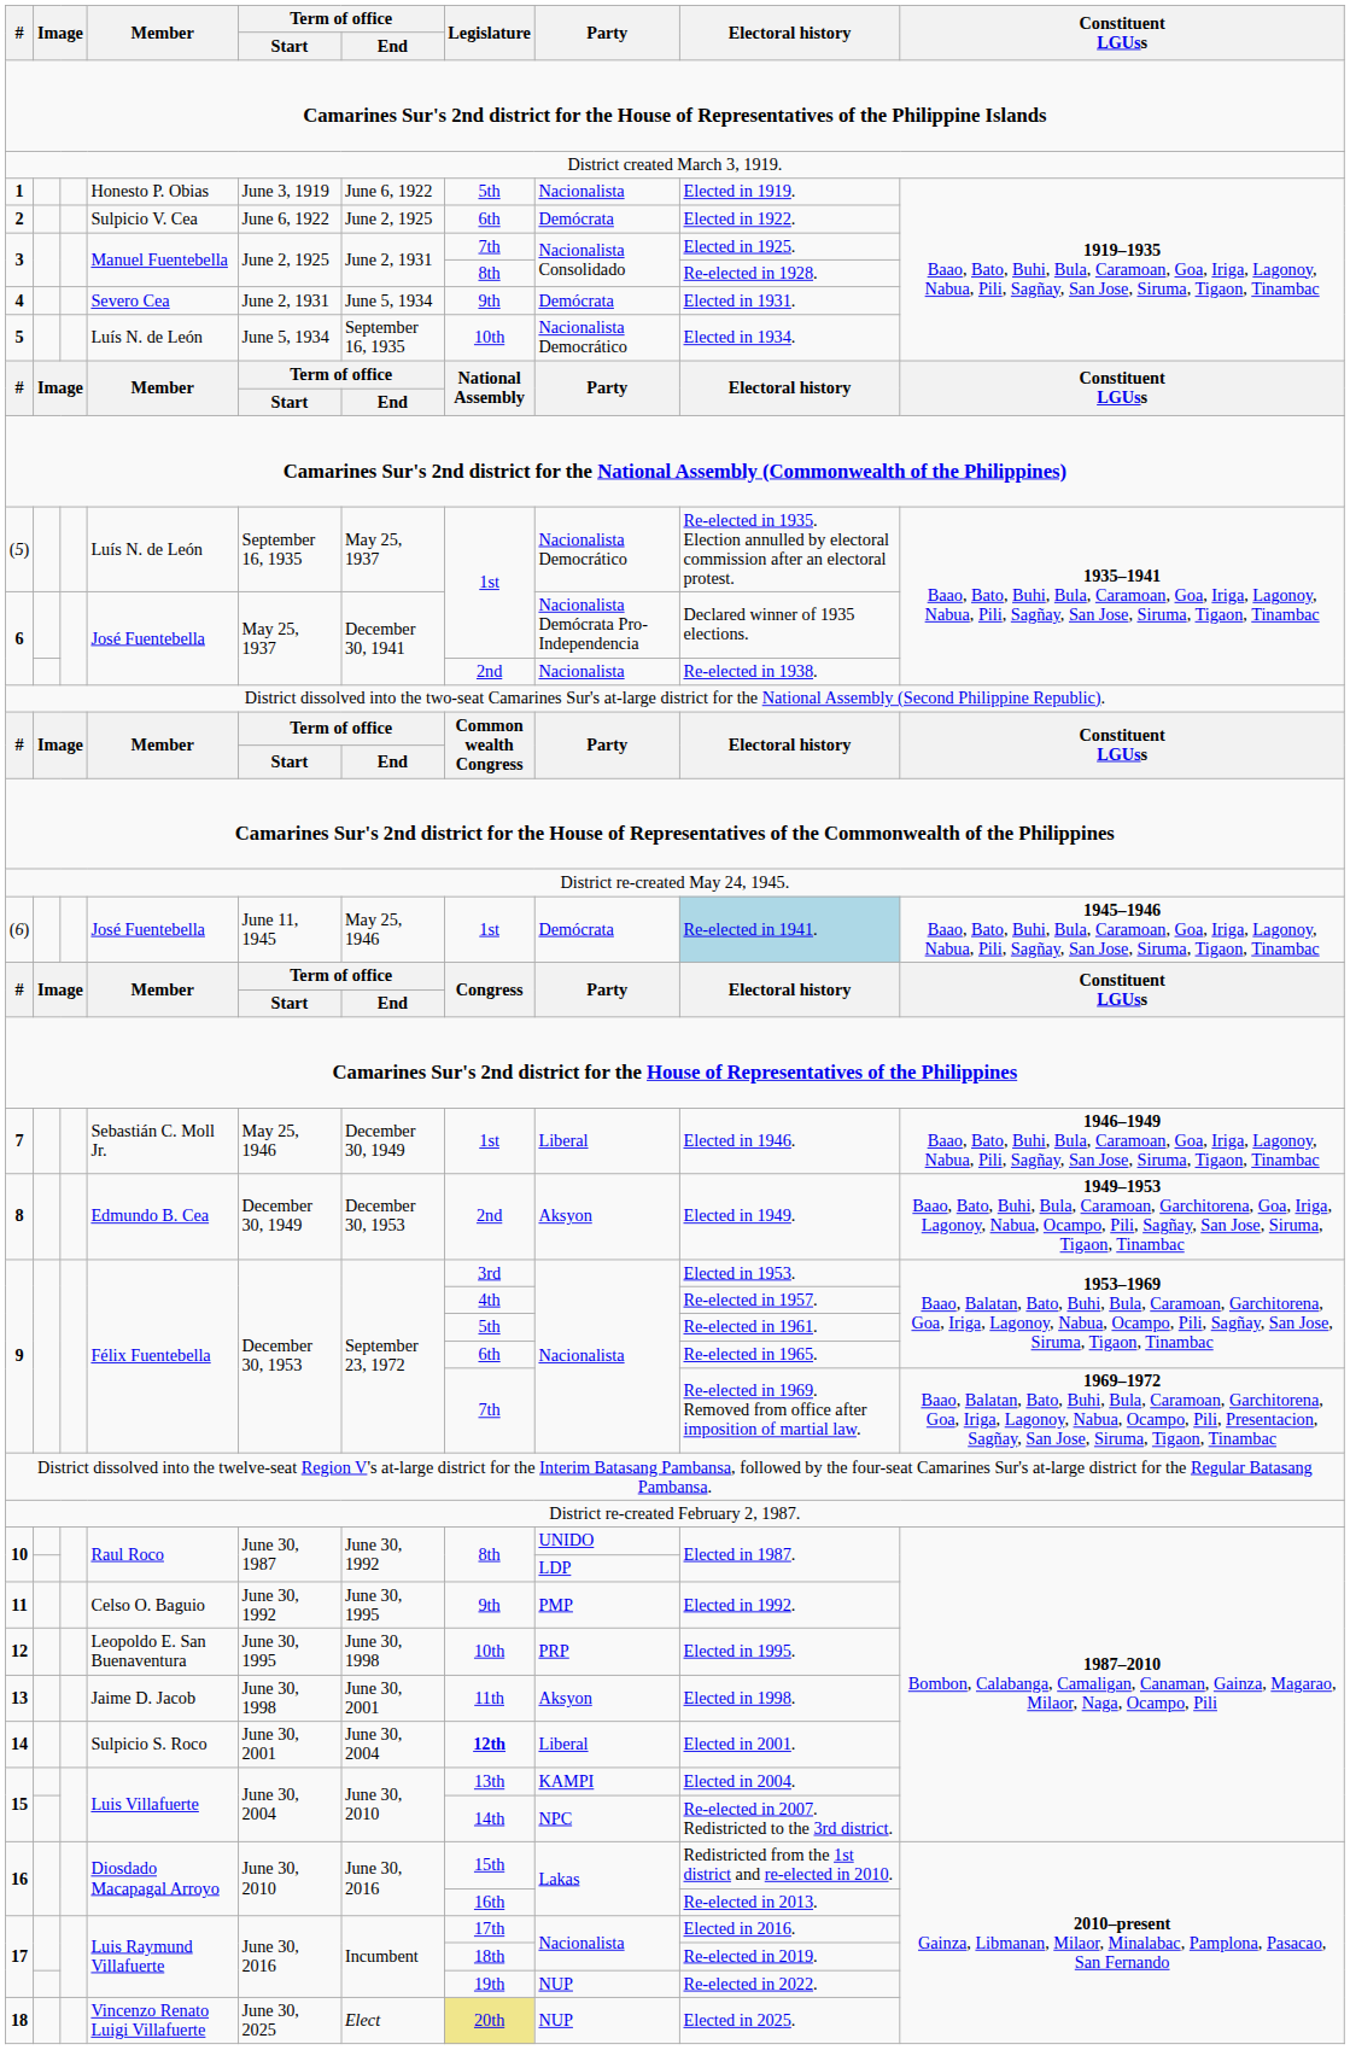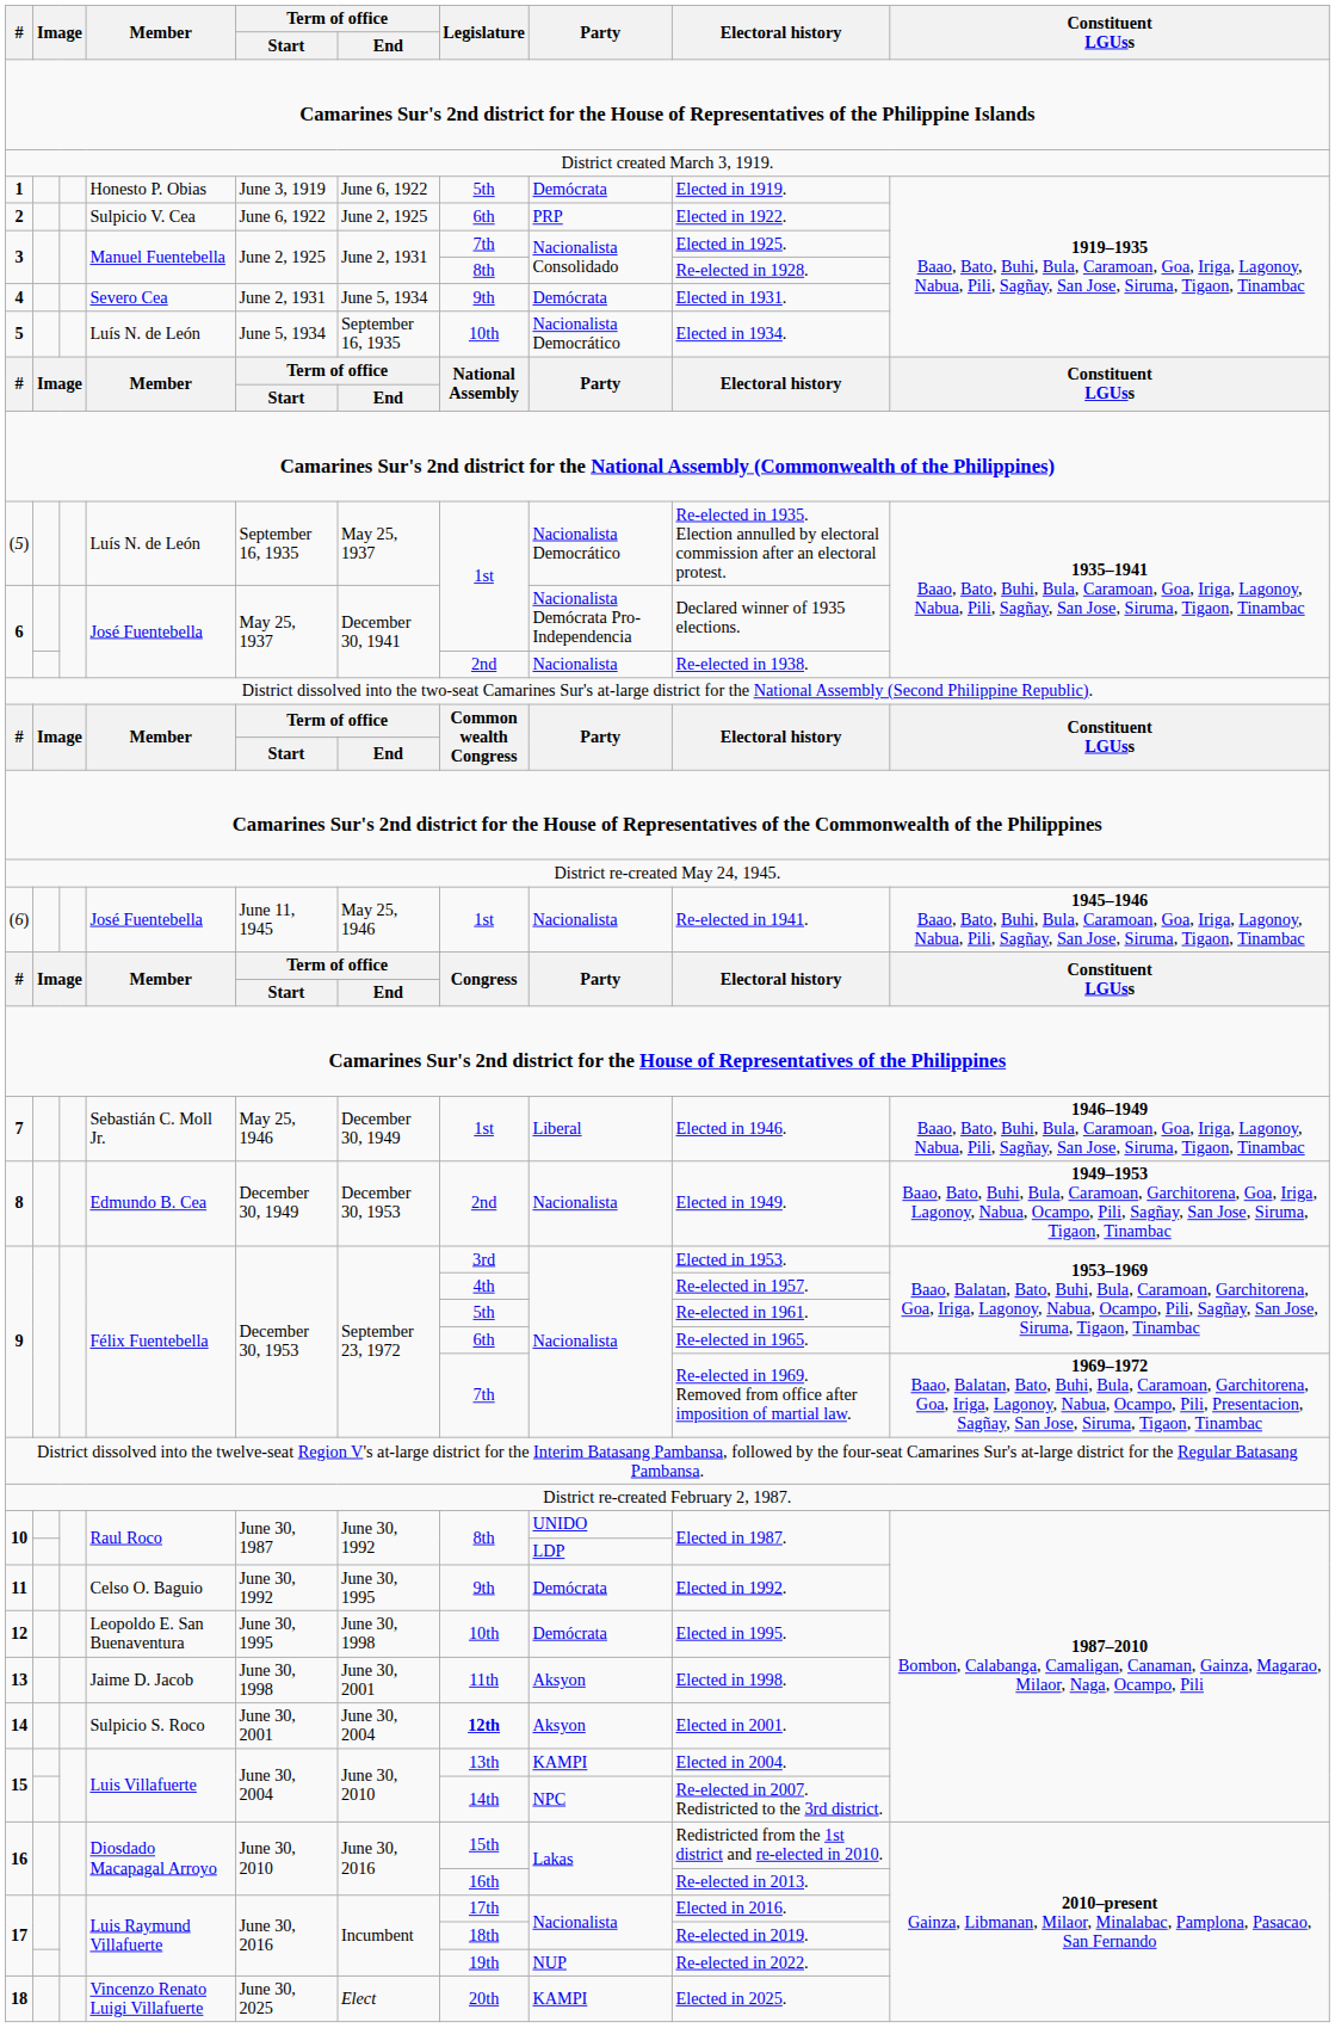 <table class=wikitable>
 <tr>
 <th rowspan="2">#</th>
 <th rowspan="2" colspan=2>Image</th>
 <th rowspan="2">Member</th>
 <th colspan=2>Term of office</th>
 <th rowspan="2">Legislature</th>
 <th rowspan="2">Party</th>
 <th rowspan="2">Electoral history</th>
 <th rowspan="2">Constituent<br><a href='#'>LGUs</a>s</th>
 </tr>
 <tr>
 <th>Start</th>
 <th>End</th>
 </tr>
 <tr>
 <td colspan="10" style="text-align:center;"><br><h3>Camarines Sur's 2nd district for the House of Representatives of the Philippine Islands</h3></td>
 </tr>
 <tr>
 <td colspan="10" style="text-align:center;">District created March 3, 1919.</td>
 </tr>
 <tr>
 <td style="text-align:center;"><strong>1</strong></td>
 <td style="color:inherit;background:"></td>
 <td></td>
 <td>Honesto P. Obias</td>
 <td>June 3, 1919</td>
 <td>June 6, 1922</td>
 <td style="text-align:center;"><a href='#'>5th</a></td>
-<td><a href='#'>Nacionalista</a></td>
+<td><a href='#'>Demócrata</a></td>
 <td><a href='#'>Elected in 1919</a>.</td>
 <td rowspan="6" style="text-align:center;"><strong>1919–1935</strong><br><a href='#'>Baao</a>, <a href='#'>Bato</a>, <a href='#'>Buhi</a>, <a href='#'>Bula</a>, <a href='#'>Caramoan</a>, <a href='#'>Goa</a>, <a href='#'>Iriga</a>, <a href='#'>Lagonoy</a>, <a href='#'>Nabua</a>, <a href='#'>Pili</a>, <a href='#'>Sagñay</a>, <a href='#'>San Jose</a>, <a href='#'>Siruma</a>, <a href='#'>Tigaon</a>, <a href='#'>Tinambac</a></td>
 </tr>
 <tr>
 <td style="text-align:center;"><strong>2</strong></td>
 <td style="color:inherit;background:"></td>
 <td></td>
 <td>Sulpicio V. Cea</td>
 <td>June 6, 1922</td>
 <td>June 2, 1925</td>
 <td style="text-align:center;"><a href='#'>6th</a></td>
-<td><a href='#'>Demócrata</a></td>
+<td><a href='#'>PRP</a></td>
 <td><a href='#'>Elected in 1922</a>.</td>
 </tr>
 <tr>
 <td rowspan="2" style="text-align:center;"><strong>3</strong></td>
 <td rowspan="2" style="color:inherit;background:"></td>
 <td rowspan="2"></td>
 <td rowspan="2"><a href='#'>Manuel Fuentebella</a></td>
 <td rowspan="2">June 2, 1925</td>
 <td rowspan="2">June 2, 1931</td>
 <td style="text-align:center;"><a href='#'>7th</a></td>
 <td rowspan="2"><a href='#'>Nacionalista</a><br>Consolidado</td>
 <td><a href='#'>Elected in 1925</a>.</td>
 </tr>
 <tr>
 <td style="text-align:center;"><a href='#'>8th</a></td>
 <td><a href='#'>Re-elected in 1928</a>.</td>
 </tr>
 <tr>
 <td style="text-align:center;"><strong>4</strong></td>
 <td style="color:inherit;background:"></td>
 <td></td>
 <td><a href='#'>Severo Cea</a></td>
 <td>June 2, 1931</td>
 <td>June 5, 1934</td>
 <td style="text-align:center;"><a href='#'>9th</a></td>
 <td><a href='#'>Demócrata</a></td>
 <td><a href='#'>Elected in 1931</a>.</td>
 </tr>
 <tr>
 <td style="text-align:center;"><strong>5</strong></td>
 <td style="color:inherit;background:"></td>
 <td></td>
 <td>Luís N. de León</td>
 <td>June 5, 1934</td>
 <td>September 16, 1935</td>
 <td style="text-align:center;"><a href='#'>10th</a></td>
 <td><a href='#'>Nacionalista</a><br>Democrático</td>
 <td><a href='#'>Elected in 1934</a>.</td>
 </tr>
 <tr>
 <th rowspan="2">#</th>
 <th rowspan="2" colspan=2>Image</th>
 <th rowspan="2">Member</th>
 <th colspan=2>Term of office</th>
 <th rowspan="2">National<br>Assembly</th>
 <th rowspan="2">Party</th>
 <th rowspan="2">Electoral history</th>
 <th rowspan="2">Constituent<br><a href='#'>LGUs</a>s</th>
 </tr>
 <tr>
 <th>Start</th>
 <th>End</th>
 </tr>
 <tr>
 <td colspan="10" style="text-align:center;"><br><h3>Camarines Sur's 2nd district for the <a href='#'>National Assembly (Commonwealth of the Philippines)</a></h3></td>
 </tr>
 <tr>
 <td style="text-align:center;">(<em>5</em>)</td>
 <td style="color:inherit;background:"></td>
 <td></td>
 <td>Luís N. de León</td>
 <td>September 16, 1935</td>
 <td>May 25, 1937</td>
 <td rowspan="2" style="text-align:center;"><a href='#'>1st</a></td>
 <td><a href='#'>Nacionalista</a><br>Democrático</td>
 <td><a href='#'>Re-elected in 1935</a>.<br>Election annulled by electoral commission after an electoral protest.</td>
 <td rowspan="3" style="text-align:center;"><strong>1935–1941</strong><br><a href='#'>Baao</a>, <a href='#'>Bato</a>, <a href='#'>Buhi</a>, <a href='#'>Bula</a>, <a href='#'>Caramoan</a>, <a href='#'>Goa</a>, <a href='#'>Iriga</a>, <a href='#'>Lagonoy</a>, <a href='#'>Nabua</a>, <a href='#'>Pili</a>, <a href='#'>Sagñay</a>, <a href='#'>San Jose</a>, <a href='#'>Siruma</a>, <a href='#'>Tigaon</a>, <a href='#'>Tinambac</a></td>
 </tr>
 <tr>
 <td rowspan="2" style="text-align:center;"><strong>6</strong></td>
 <td style="color:inherit;background:"></td>
 <td rowspan="2"></td>
 <td rowspan="2"><a href='#'>José Fuentebella</a></td>
 <td rowspan="2">May 25, 1937</td>
 <td rowspan="2">December 30, 1941</td>
 <td><a href='#'>Nacionalista</a><br>Demócrata Pro-Independencia</td>
 <td>Declared winner of 1935 elections.</td>
 </tr>
 <tr>
 <td style="color:inherit;background:"></td>
 <td style="text-align:center;"><a href='#'>2nd</a></td>
 <td><a href='#'>Nacionalista</a></td>
 <td><a href='#'>Re-elected in 1938</a>.</td>
 </tr>
 <tr>
 <td colspan="10" style="text-align:center;">District dissolved into the two-seat Camarines Sur's at-large district for the <a href='#'>National Assembly (Second Philippine Republic)</a>.</td>
 </tr>
 <tr>
 <th rowspan="2">#</th>
 <th rowspan="2" colspan=2>Image</th>
 <th rowspan="2">Member</th>
 <th colspan=2>Term of office</th>
 <th rowspan="2">Common<br>wealth<br>Congress</th>
 <th rowspan="2">Party</th>
 <th rowspan="2">Electoral history</th>
 <th rowspan="2">Constituent<br><a href='#'>LGUs</a>s</th>
 </tr>
 <tr>
 <th>Start</th>
 <th>End</th>
 </tr>
 <tr>
 <td colspan="10" style="text-align:center;"><br><h3>Camarines Sur's 2nd district for the House of Representatives of the Commonwealth of the Philippines</h3></td>
 </tr>
 <tr>
 <td colspan="10" style="text-align:center;">District re-created May 24, 1945.</td>
 </tr>
 <tr>
 <td style="text-align:center;">(<em>6</em>)</td>
 <td style="color:inherit;background:"></td>
 <td></td>
 <td><a href='#'>José Fuentebella</a></td>
 <td>June 11, 1945</td>
 <td>May 25, 1946</td>
 <td style="text-align:center;"><a href='#'>1st</a></td>
-<td><a href='#'>Demócrata</a></td>
-<td style="background: lightblue;"><a href='#'>Re-elected in 1941</a>.</td>
+<td><a href='#'>Nacionalista</a></td>
+<td><a href='#'>Re-elected in 1941</a>.</td>
 <td style="text-align:center;"><strong>1945–1946</strong><br><a href='#'>Baao</a>, <a href='#'>Bato</a>, <a href='#'>Buhi</a>, <a href='#'>Bula</a>, <a href='#'>Caramoan</a>, <a href='#'>Goa</a>, <a href='#'>Iriga</a>, <a href='#'>Lagonoy</a>, <a href='#'>Nabua</a>, <a href='#'>Pili</a>, <a href='#'>Sagñay</a>, <a href='#'>San Jose</a>, <a href='#'>Siruma</a>, <a href='#'>Tigaon</a>, <a href='#'>Tinambac</a></td>
 </tr>
 <tr>
 <th rowspan="2">#</th>
 <th rowspan="2" colspan=2>Image</th>
 <th rowspan="2">Member</th>
 <th colspan=2>Term of office</th>
 <th rowspan="2">Congress</th>
 <th rowspan="2">Party</th>
 <th rowspan="2">Electoral history</th>
 <th rowspan="2">Constituent<br><a href='#'>LGUs</a>s</th>
 </tr>
 <tr>
 <th>Start</th>
 <th>End</th>
 </tr>
 <tr>
 <td colspan="10" style="text-align:center;"><br><h3>Camarines Sur's 2nd district for the <a href='#'>House of Representatives of the Philippines</a></h3></td>
 </tr>
 <tr>
 <td style="text-align:center;"><strong>7</strong></td>
 <td style="color:inherit;background:"></td>
 <td></td>
 <td>Sebastián C. Moll Jr.</td>
 <td>May 25, 1946</td>
 <td>December 30, 1949</td>
 <td style="text-align:center;"><a href='#'>1st</a></td>
 <td><a href='#'>Liberal</a></td>
 <td><a href='#'>Elected in 1946</a>.</td>
 <td style="text-align:center;"><strong>1946–1949</strong><br><a href='#'>Baao</a>, <a href='#'>Bato</a>, <a href='#'>Buhi</a>, <a href='#'>Bula</a>, <a href='#'>Caramoan</a>, <a href='#'>Goa</a>, <a href='#'>Iriga</a>, <a href='#'>Lagonoy</a>, <a href='#'>Nabua</a>, <a href='#'>Pili</a>, <a href='#'>Sagñay</a>, <a href='#'>San Jose</a>, <a href='#'>Siruma</a>, <a href='#'>Tigaon</a>, <a href='#'>Tinambac</a></td>
 </tr>
 <tr>
 <td style="text-align:center;"><strong>8</strong></td>
 <td style="color:inherit;background:"></td>
 <td></td>
 <td><a href='#'>Edmundo B. Cea</a></td>
 <td>December 30, 1949</td>
 <td>December 30, 1953</td>
 <td style="text-align:center;"><a href='#'>2nd</a></td>
-<td><a href='#'>Aksyon</a></td>
+<td><a href='#'>Nacionalista</a></td>
 <td><a href='#'>Elected in 1949</a>.</td>
 <td style="text-align:center;"><strong>1949–1953</strong><br><a href='#'>Baao</a>, <a href='#'>Bato</a>, <a href='#'>Buhi</a>, <a href='#'>Bula</a>, <a href='#'>Caramoan</a>, <a href='#'>Garchitorena</a>, <a href='#'>Goa</a>, <a href='#'>Iriga</a>, <a href='#'>Lagonoy</a>, <a href='#'>Nabua</a>, <a href='#'>Ocampo</a>, <a href='#'>Pili</a>, <a href='#'>Sagñay</a>, <a href='#'>San Jose</a>, <a href='#'>Siruma</a>, <a href='#'>Tigaon</a>, <a href='#'>Tinambac</a></td>
 </tr>
 <tr>
 <td rowspan="5" style="text-align:center;"><strong>9</strong></td>
 <td rowspan="5" style="color:inherit;background:"></td>
 <td rowspan="5"></td>
 <td rowspan="5"><a href='#'>Félix Fuentebella</a></td>
 <td rowspan="5">December 30, 1953</td>
 <td rowspan="5">September 23, 1972</td>
 <td style="text-align:center;"><a href='#'>3rd</a></td>
 <td rowspan="5"><a href='#'>Nacionalista</a></td>
 <td><a href='#'>Elected in 1953</a>.</td>
 <td rowspan="4" style="text-align:center;"><strong>1953–1969</strong><br><a href='#'>Baao</a>, <a href='#'>Balatan</a>, <a href='#'>Bato</a>, <a href='#'>Buhi</a>, <a href='#'>Bula</a>, <a href='#'>Caramoan</a>, <a href='#'>Garchitorena</a>, <a href='#'>Goa</a>, <a href='#'>Iriga</a>, <a href='#'>Lagonoy</a>, <a href='#'>Nabua</a>, <a href='#'>Ocampo</a>, <a href='#'>Pili</a>, <a href='#'>Sagñay</a>, <a href='#'>San Jose</a>, <a href='#'>Siruma</a>, <a href='#'>Tigaon</a>, <a href='#'>Tinambac</a></td>
 </tr>
 <tr>
 <td style="text-align:center;"><a href='#'>4th</a></td>
 <td><a href='#'>Re-elected in 1957</a>.</td>
 </tr>
 <tr>
 <td style="text-align:center;"><a href='#'>5th</a></td>
 <td><a href='#'>Re-elected in 1961</a>.</td>
 </tr>
 <tr>
 <td style="text-align:center;"><a href='#'>6th</a></td>
 <td><a href='#'>Re-elected in 1965</a>.</td>
 </tr>
 <tr>
 <td style="text-align:center;"><a href='#'>7th</a></td>
 <td><a href='#'>Re-elected in 1969</a>.<br>Removed from office after <a href='#'>imposition of martial law</a>.</td>
 <td style="text-align:center;"><strong>1969–1972</strong><br><a href='#'>Baao</a>, <a href='#'>Balatan</a>, <a href='#'>Bato</a>, <a href='#'>Buhi</a>, <a href='#'>Bula</a>, <a href='#'>Caramoan</a>, <a href='#'>Garchitorena</a>, <a href='#'>Goa</a>, <a href='#'>Iriga</a>, <a href='#'>Lagonoy</a>, <a href='#'>Nabua</a>, <a href='#'>Ocampo</a>, <a href='#'>Pili</a>, <a href='#'>Presentacion</a>, <a href='#'>Sagñay</a>, <a href='#'>San Jose</a>, <a href='#'>Siruma</a>, <a href='#'>Tigaon</a>, <a href='#'>Tinambac</a></td>
 </tr>
 <tr>
 <td colspan="10" style="text-align:center;">District dissolved into the twelve-seat <a href='#'>Region V</a>'s at-large district for the <a href='#'>Interim Batasang Pambansa</a>, followed by the four-seat Camarines Sur's at-large district for the <a href='#'>Regular Batasang Pambansa</a>.</td>
 </tr>
 <tr>
 <td colspan="10" style="text-align:center;">District re-created February 2, 1987.</td>
 </tr>
 <tr>
 <td style="text-align:center;" rowspan="2"><strong>10</strong></td>
 <td style="color:inherit;background:"></td>
 <td rowspan="2"></td>
 <td rowspan="2"><a href='#'>Raul Roco</a></td>
 <td rowspan="2">June 30, 1987</td>
 <td rowspan="2">June 30, 1992</td>
 <td style="text-align:center;" rowspan="2"><a href='#'>8th</a></td>
 <td><a href='#'>UNIDO</a></td>
 <td rowspan="2"><a href='#'>Elected in 1987</a>.</td>
 <td rowspan="8" style="text-align:center;"><strong>1987–2010</strong><br><a href='#'>Bombon</a>, <a href='#'>Calabanga</a>, <a href='#'>Camaligan</a>, <a href='#'>Canaman</a>, <a href='#'>Gainza</a>, <a href='#'>Magarao</a>, <a href='#'>Milaor</a>, <a href='#'>Naga</a>, <a href='#'>Ocampo</a>, <a href='#'>Pili</a></td>
 </tr>
 <tr>
 <td style="color:inherit;background:"></td>
 <td><a href='#'>LDP</a></td>
 </tr>
 <tr>
 <td style="text-align:center;"><strong>11</strong></td>
 <td style="color:inherit;background:"></td>
 <td></td>
 <td>Celso O. Baguio</td>
 <td>June 30, 1992</td>
 <td>June 30, 1995</td>
 <td style="text-align:center;"><a href='#'>9th</a></td>
-<td><a href='#'>PMP</a></td>
+<td><a href='#'>Demócrata</a></td>
 <td><a href='#'>Elected in 1992</a>.</td>
 </tr>
 <tr>
 <td style="text-align:center;"><strong>12</strong></td>
 <td style="color:inherit;background:"></td>
 <td></td>
 <td>Leopoldo E. San Buenaventura</td>
 <td>June 30, 1995</td>
 <td>June 30, 1998</td>
 <td style="text-align:center;"><a href='#'>10th</a></td>
-<td><a href='#'>PRP</a></td>
+<td><a href='#'>Demócrata</a></td>
 <td><a href='#'>Elected in 1995</a>.</td>
 </tr>
 <tr>
 <td style="text-align:center;"><strong>13</strong></td>
 <td style="color:inherit;background:"></td>
 <td></td>
 <td>Jaime D. Jacob</td>
 <td>June 30, 1998</td>
 <td>June 30, 2001</td>
 <td style="text-align:center;"><a href='#'>11th</a></td>
 <td><a href='#'>Aksyon</a></td>
 <td><a href='#'>Elected in 1998</a>.</td>
 </tr>
 <tr>
 <td style="text-align:center;"><strong>14</strong></td>
 <td style="color:inherit;background:"></td>
 <td></td>
 <td>Sulpicio S. Roco</td>
 <td>June 30, 2001</td>
 <td>June 30, 2004</td>
 <td style="text-align:center;"><strong><a href='#'>12th</a></strong></td>
-<td><a href='#'>Liberal</a></td>
+<td><a href='#'>Aksyon</a></td>
 <td><a href='#'>Elected in 2001</a>.</td>
 </tr>
 <tr>
 <td rowspan="2" style="text-align:center;"><strong>15</strong></td>
 <td style="color:inherit;background:"></td>
 <td rowspan="2"></td>
 <td rowspan="2"><a href='#'>Luis Villafuerte</a></td>
 <td rowspan="2">June 30, 2004</td>
 <td rowspan="2">June 30, 2010</td>
 <td style="text-align:center;"><a href='#'>13th</a></td>
 <td><a href='#'>KAMPI</a></td>
 <td><a href='#'>Elected in 2004</a>.</td>
 </tr>
 <tr>
 <td style="color:inherit;background:"></td>
 <td style="text-align:center;"><a href='#'>14th</a></td>
 <td><a href='#'>NPC</a></td>
 <td><a href='#'>Re-elected in 2007</a>.<br>Redistricted to the <a href='#'>3rd district</a>.</td>
 </tr>
 <tr>
 <td rowspan="2" style="text-align:center;"><strong>16</strong></td>
 <td rowspan="2" style="color:inherit;background:"></td>
 <td rowspan="2"></td>
 <td rowspan="2"><a href='#'>Diosdado Macapagal Arroyo</a></td>
 <td rowspan="2">June 30, 2010</td>
 <td rowspan="2">June 30, 2016</td>
 <td style="text-align:center;"><a href='#'>15th</a></td>
 <td rowspan="2"><a href='#'>Lakas</a></td>
 <td>Redistricted from the <a href='#'>1st district</a> and <a href='#'>re-elected in 2010</a>.</td>
 <td rowspan="6" style="text-align:center;"><strong>2010–present</strong><br><a href='#'>Gainza</a>, <a href='#'>Libmanan</a>, <a href='#'>Milaor</a>, <a href='#'>Minalabac</a>, <a href='#'>Pamplona</a>, <a href='#'>Pasacao</a>, <a href='#'>San Fernando</a></td>
 </tr>
 <tr>
 <td style="text-align:center;"><a href='#'>16th</a></td>
 <td><a href='#'>Re-elected in 2013</a>.</td>
 </tr>
 <tr>
 <td rowspan="3" style="text-align:center;"><strong>17</strong></td>
 <td rowspan="2" style="color:inherit;background:"></td>
 <td rowspan="3"></td>
 <td rowspan="3"><a href='#'>Luis Raymund Villafuerte</a></td>
 <td rowspan="3">June 30, 2016</td>
 <td rowspan="3">Incumbent</td>
 <td style="text-align:center;"><a href='#'>17th</a></td>
 <td rowspan="2"><a href='#'>Nacionalista</a></td>
 <td><a href='#'>Elected in 2016</a>.</td>
 </tr>
 <tr>
 <td style="text-align:center;"><a href='#'>18th</a></td>
 <td><a href='#'>Re-elected in 2019</a>.</td>
 </tr>
 <tr>
 <td style="color:inherit;background:"></td>
 <td style="text-align:center;"><a href='#'>19th</a></td>
 <td><a href='#'>NUP</a></td>
 <td><a href='#'>Re-elected in 2022</a>.</td>
 </tr>
 <tr>
 <td style="text-align:center;"><strong>18</strong></td>
 <td style="color:inherit;background:"></td>
 <td></td>
 <td><a href='#'>Vincenzo Renato Luigi Villafuerte</a></td>
 <td>June 30, 2025</td>
 <td><em>Elect</em></td>
-<td style="background: khaki; text-align:center;"><a href='#'>20th</a></td>
-<td><a href='#'>NUP</a></td>
+<td style="text-align:center;"><a href='#'>20th</a></td>
+<td><a href='#'>KAMPI</a></td>
 <td><a href='#'>Elected in 2025</a>.</td>
 </tr>
 </table>
